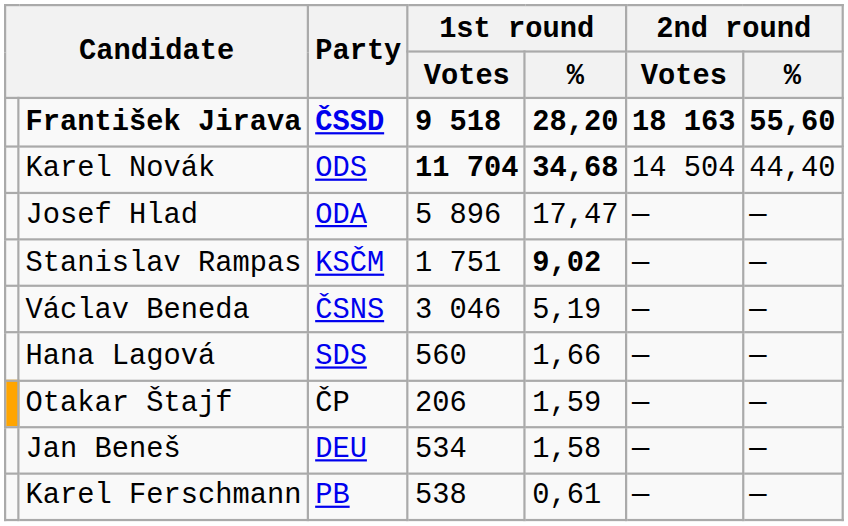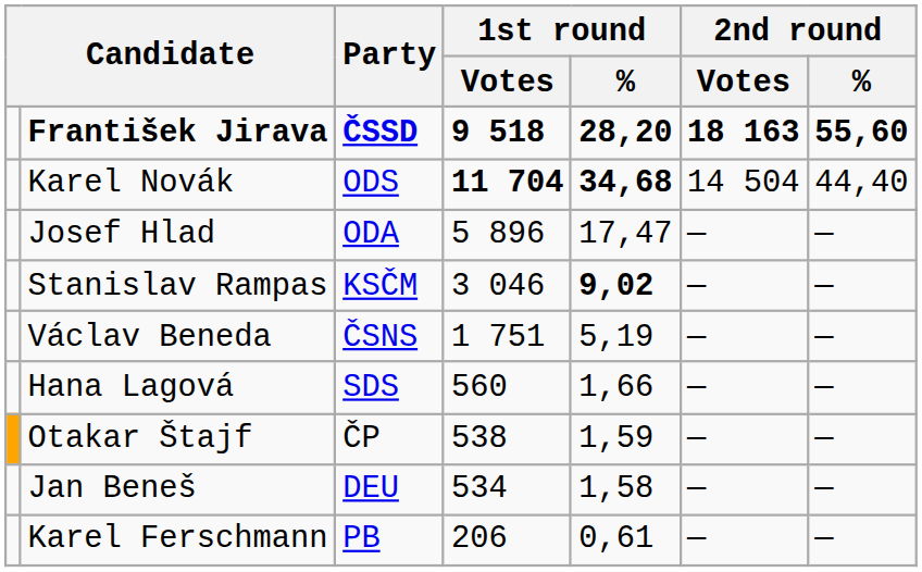 <table class="wikitable sortable">
 <tr>
 <th colspan="2" rowspan="2">Candidate</th>
 <th rowspan="2">Party</th>
 <th colspan="2">1st round</th>
 <th colspan="2">2nd round</th>
 </tr>
 <tr>
 <th>Votes</th>
 <th>%</th>
 <th>Votes</th>
 <th>%</th>
 </tr>
 <tr>
 <td style="background-color:"></td>
 <td><strong>František Jirava</strong></td>
 <td><a href='#'><strong>ČSSD</strong></a></td>
 <td><strong>9 518</strong></td>
 <td><strong>28,20</strong></td>
 <td><strong>18 163</strong></td>
 <td><strong>55,60</strong></td>
 </tr>
 <tr>
 <td style="background-color:"></td>
 <td>Karel Novák</td>
 <td><a href='#'>ODS</a></td>
 <td><strong>11 704</strong></td>
 <td><strong>34,68</strong></td>
 <td>14 504</td>
 <td>44,40</td>
 </tr>
 <tr>
 <td style="background-color:"></td>
 <td>Josef Hlad</td>
 <td><a href='#'>ODA</a></td>
 <td>5 896</td>
 <td>17,47</td>
 <td>—</td>
 <td>—</td>
 </tr>
 <tr>
 <td style="background-color:"></td>
 <td>Stanislav Rampas</td>
 <td><a href='#'>KSČM</a></td>
-<td>1 751</td>
+<td>3 046</td>
 <td><strong>9,02</strong></td>
 <td>—</td>
 <td>—</td>
 </tr>
 <tr>
 <td style="background-color:"></td>
 <td>Václav Beneda</td>
 <td><a href='#'>ČSNS</a></td>
-<td>3 046</td>
+<td>1 751</td>
 <td>5,19</td>
 <td>—</td>
 <td>—</td>
 </tr>
 <tr>
 <td style="background-color:"></td>
 <td>Hana Lagová</td>
 <td><a href='#'>SDS</a></td>
 <td>560</td>
 <td>1,66</td>
 <td>—</td>
 <td>—</td>
 </tr>
 <tr>
 <td style="background-color:orange;"></td>
 <td>Otakar Štajf</td>
 <td>ČP</td>
-<td>206</td>
+<td>538</td>
 <td>1,59</td>
 <td>—</td>
 <td>—</td>
 </tr>
 <tr>
 <td style="background-color:"></td>
 <td>Jan Beneš</td>
 <td><a href='#'>DEU</a></td>
 <td>534</td>
 <td>1,58</td>
 <td>—</td>
 <td>—</td>
 </tr>
 <tr>
 <td style="background-color:"></td>
 <td>Karel Ferschmann</td>
 <td><a href='#'>PB</a></td>
-<td>538</td>
+<td>206</td>
 <td>0,61</td>
 <td>—</td>
 <td>—</td>
 </tr>
 </table>
